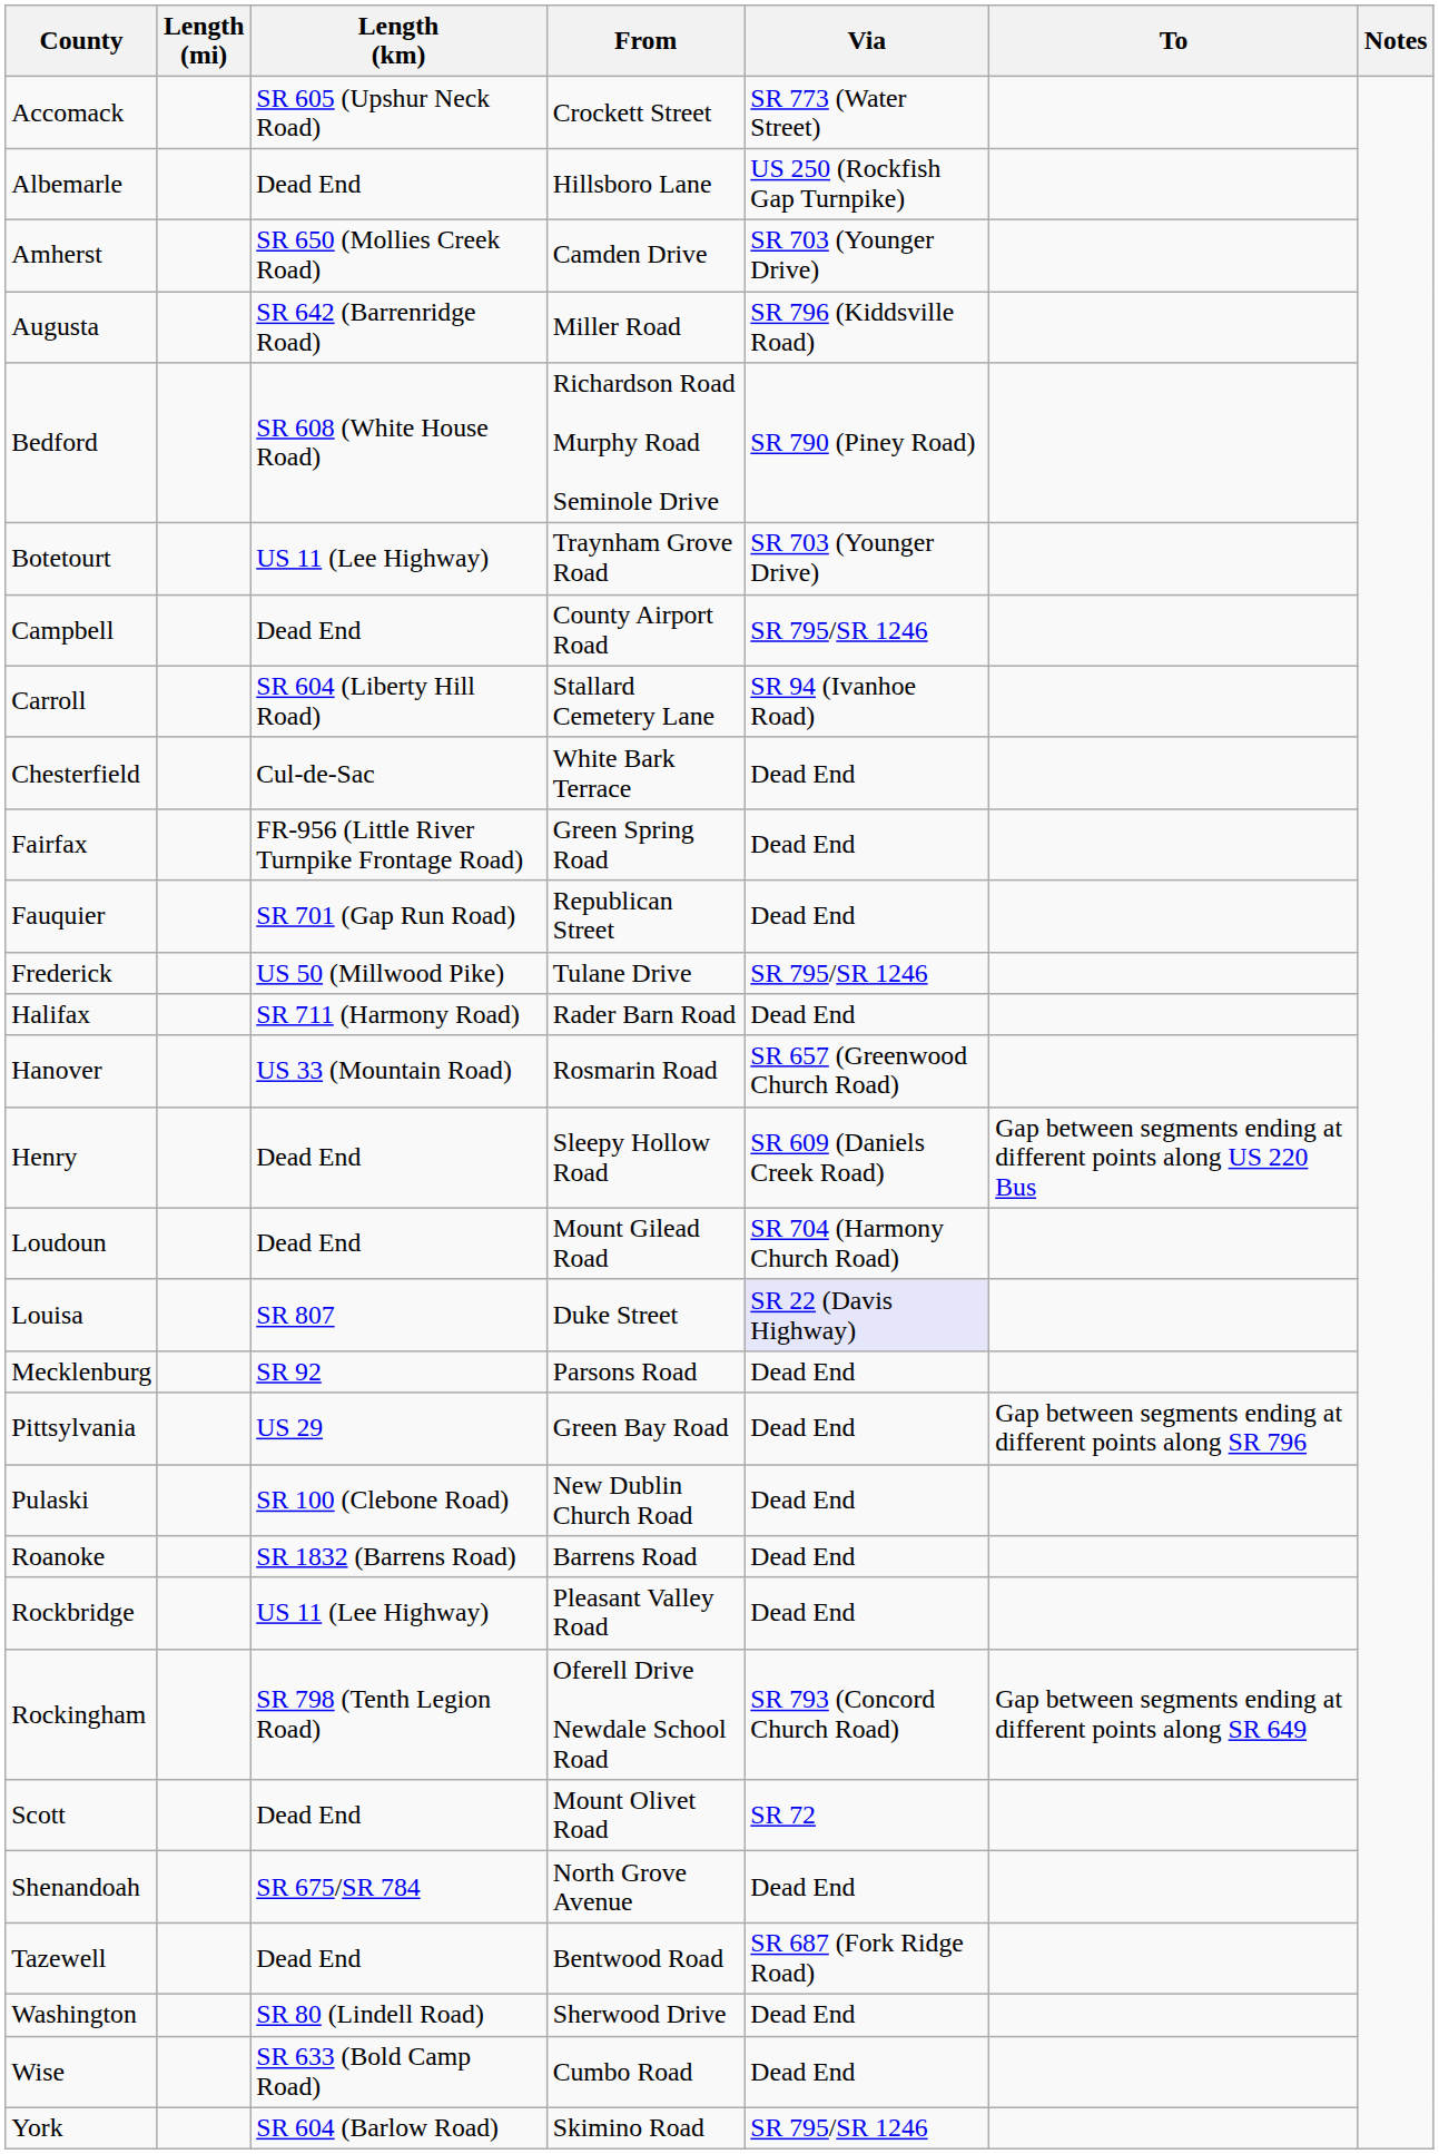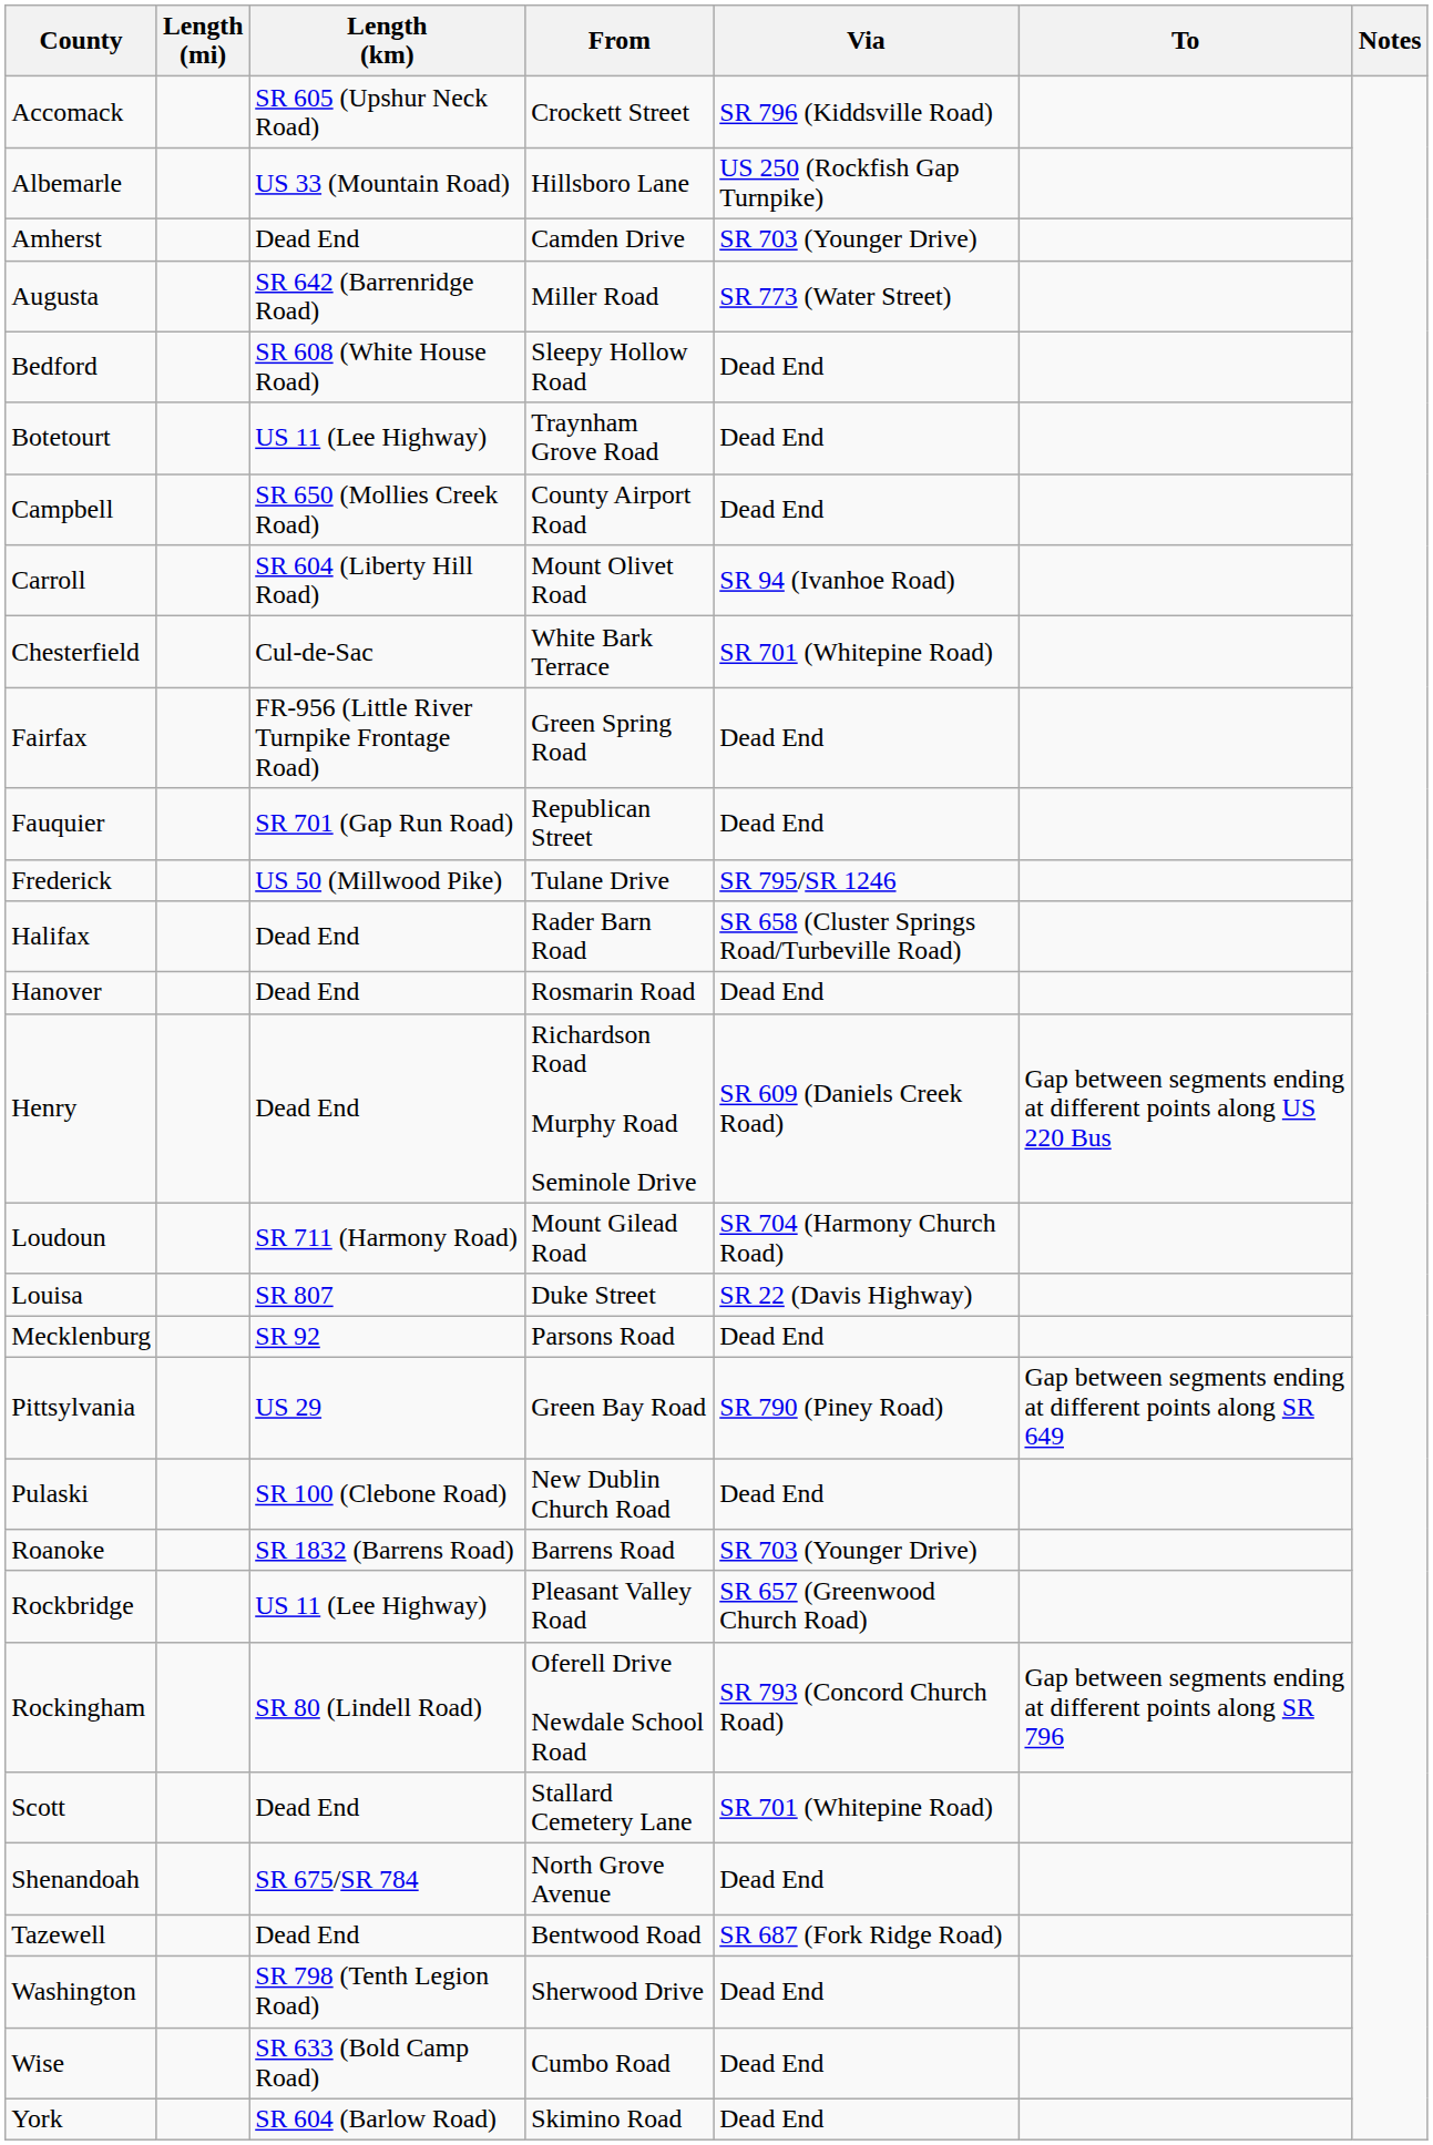 <table class="wikitable sortable">
 <tr>
 <th>County</th>
 <th>Length<br>(mi)</th>
 <th>Length<br>(km)</th>
 <th class="unsortable">From</th>
 <th class="unsortable">Via</th>
 <th class="unsortable">To</th>
 <th class="unsortable">Notes</th>
 </tr>
 <tr>
 <td id="Accomack">Accomack</td>
 <td></td>
 <td><a href='#'>SR 605</a> (Upshur Neck Road)</td>
 <td>Crockett Street</td>
-<td><a href='#'>SR 773</a> (Water Street)</td>
+<td><a href='#'>SR 796</a> (Kiddsville Road)</td>
 <td></td>
 </tr>
 <tr>
 <td id="Albemarle">Albemarle</td>
 <td></td>
-<td>Dead End</td>
+<td><a href='#'>US 33</a> (Mountain Road)</td>
 <td>Hillsboro Lane</td>
 <td><a href='#'>US 250</a> (Rockfish Gap Turnpike)</td>
 <td><br> </td>
 </tr>
 <tr>
 <td id="Amherst">Amherst</td>
 <td></td>
-<td><a href='#'>SR 650</a> (Mollies Creek Road)</td>
+<td>Dead End</td>
 <td>Camden Drive</td>
 <td><a href='#'>SR 703</a> (Younger Drive)</td>
 <td><br> </td>
 </tr>
 <tr>
 <td id="Augusta">Augusta</td>
 <td></td>
 <td><a href='#'>SR 642</a> (Barrenridge Road)</td>
 <td>Miller Road</td>
-<td><a href='#'>SR 796</a> (Kiddsville Road)</td>
+<td><a href='#'>SR 773</a> (Water Street)</td>
 <td><br></td>
 </tr>
 <tr>
 <td id="Bedford">Bedford</td>
 <td></td>
 <td><a href='#'>SR 608</a> (White House Road)</td>
-<td>Richardson Road<br><br>Murphy Road<br><br>Seminole Drive</td>
-<td><a href='#'>SR 790</a> (Piney Road)</td>
+<td>Sleepy Hollow Road</td>
+<td>Dead End</td>
 <td><br></td>
 </tr>
 <tr>
 <td id="Botetourt">Botetourt</td>
 <td></td>
 <td><a href='#'>US 11</a> (Lee Highway)</td>
 <td>Traynham Grove Road</td>
-<td><a href='#'>SR 703</a> (Younger Drive)</td>
+<td>Dead End</td>
 <td><br>  </td>
 </tr>
 <tr>
 <td id="Campbell">Campbell</td>
 <td></td>
+<td><a href='#'>SR 650</a> (Mollies Creek Road)</td>
+<td>County Airport Road</td>
 <td>Dead End</td>
-<td>County Airport Road</td>
-<td><a href='#'>SR 795</a>/<a href='#'>SR 1246</a></td>
 <td><br></td>
 </tr>
 <tr>
 <td id="Carroll">Carroll</td>
 <td></td>
 <td><a href='#'>SR 604</a> (Liberty Hill Road)</td>
-<td>Stallard Cemetery Lane</td>
+<td>Mount Olivet Road</td>
 <td><a href='#'>SR 94</a> (Ivanhoe Road)</td>
 <td><br> </td>
 </tr>
 <tr>
 <td id="Chesterfield">Chesterfield</td>
 <td></td>
 <td>Cul-de-Sac</td>
 <td>White Bark Terrace</td>
-<td>Dead End</td>
+<td><a href='#'>SR 701</a> (Whitepine Road)</td>
 <td><br>      </td>
 </tr>
 <tr>
 <td id="Fairfax">Fairfax</td>
 <td></td>
 <td>FR-956 (Little River Turnpike Frontage Road)</td>
 <td>Green Spring Road</td>
 <td>Dead End</td>
 <td></td>
 </tr>
 <tr>
 <td id="Fauquier">Fauquier</td>
 <td></td>
 <td><a href='#'>SR 701</a> (Gap Run Road)</td>
 <td>Republican Street</td>
 <td>Dead End</td>
 <td><br>  </td>
 </tr>
 <tr>
 <td id="Frederick">Frederick</td>
 <td></td>
 <td><a href='#'>US 50</a> (Millwood Pike)</td>
 <td>Tulane Drive</td>
 <td><a href='#'>SR 795</a>/<a href='#'>SR 1246</a></td>
 <td><br>     </td>
 </tr>
 <tr>
 <td id="Halifax">Halifax</td>
 <td></td>
-<td><a href='#'>SR 711</a> (Harmony Road)</td>
+<td>Dead End</td>
 <td>Rader Barn Road</td>
-<td>Dead End</td>
+<td><a href='#'>SR 658</a> (Cluster Springs Road/Turbeville Road)</td>
 <td></td>
 </tr>
 <tr>
 <td id="Hanover">Hanover</td>
 <td></td>
-<td><a href='#'>US 33</a> (Mountain Road)</td>
+<td>Dead End</td>
 <td>Rosmarin Road</td>
-<td><a href='#'>SR 657</a> (Greenwood Church Road)</td>
+<td>Dead End</td>
 <td><br></td>
 </tr>
 <tr>
 <td id="Henry">Henry</td>
 <td></td>
 <td>Dead End</td>
-<td>Sleepy Hollow Road</td>
+<td>Richardson Road<br><br>Murphy Road<br><br>Seminole Drive</td>
 <td><a href='#'>SR 609</a> (Daniels Creek Road)</td>
 <td>Gap between segments ending at different points along <a href='#'>US 220 Bus</a><br>       </td>
 </tr>
 <tr>
 <td id="Loudoun">Loudoun</td>
 <td></td>
-<td>Dead End</td>
+<td><a href='#'>SR 711</a> (Harmony Road)</td>
 <td>Mount Gilead Road</td>
 <td><a href='#'>SR 704</a> (Harmony Church Road)</td>
 <td></td>
 </tr>
 <tr>
 <td id="Louisa">Louisa</td>
 <td></td>
 <td><a href='#'>SR 807</a></td>
 <td>Duke Street</td>
-<td style="background: lavender;"><a href='#'>SR 22</a> (Davis Highway)</td>
+<td><a href='#'>SR 22</a> (Davis Highway)</td>
 <td><br>  </td>
 </tr>
 <tr>
 <td id="Mecklenburg">Mecklenburg</td>
 <td></td>
 <td><a href='#'>SR 92</a></td>
 <td>Parsons Road</td>
 <td>Dead End</td>
 <td><br>         </td>
 </tr>
 <tr>
 <td id="Pittsylvania">Pittsylvania</td>
 <td></td>
 <td><a href='#'>US 29</a></td>
 <td>Green Bay Road</td>
-<td>Dead End</td>
-<td>Gap between segments ending at different points along <a href='#'>SR 796</a><br></td>
+<td><a href='#'>SR 790</a> (Piney Road)</td>
+<td>Gap between segments ending at different points along <a href='#'>SR 649</a><br>   </td>
 </tr>
 <tr>
 <td id="Pulaski">Pulaski</td>
 <td></td>
 <td><a href='#'>SR 100</a> (Clebone Road)</td>
 <td>New Dublin Church Road</td>
 <td>Dead End</td>
 <td><br> </td>
 </tr>
 <tr>
 <td id="Roanoke">Roanoke</td>
 <td></td>
 <td><a href='#'>SR 1832</a> (Barrens Road)</td>
 <td>Barrens Road</td>
-<td>Dead End</td>
+<td><a href='#'>SR 703</a> (Younger Drive)</td>
 <td></td>
 </tr>
 <tr>
 <td id="Rockbridge">Rockbridge</td>
 <td></td>
 <td><a href='#'>US 11</a> (Lee Highway)</td>
 <td>Pleasant Valley Road</td>
-<td>Dead End</td>
+<td><a href='#'>SR 657</a> (Greenwood Church Road)</td>
 <td></td>
 </tr>
 <tr>
 <td id="Rockingham">Rockingham</td>
 <td></td>
-<td><a href='#'>SR 798</a> (Tenth Legion Road)</td>
+<td><a href='#'>SR 80</a> (Lindell Road)</td>
 <td>Oferell Drive<br><br>Newdale School Road</td>
 <td><a href='#'>SR 793</a> (Concord Church Road)</td>
-<td>Gap between segments ending at different points along <a href='#'>SR 649</a><br>   </td>
+<td>Gap between segments ending at different points along <a href='#'>SR 796</a><br></td>
 </tr>
 <tr>
 <td id="Scott">Scott</td>
 <td></td>
 <td>Dead End</td>
-<td>Mount Olivet Road</td>
-<td><a href='#'>SR 72</a></td>
+<td>Stallard Cemetery Lane</td>
+<td><a href='#'>SR 701</a> (Whitepine Road)</td>
 <td></td>
 </tr>
 <tr>
 <td id="Shenandoah">Shenandoah</td>
 <td></td>
 <td><a href='#'>SR 675</a>/<a href='#'>SR 784</a></td>
 <td>North Grove Avenue</td>
 <td>Dead End</td>
 <td><br>     </td>
 </tr>
 <tr>
 <td id="Tazewell">Tazewell</td>
 <td></td>
 <td>Dead End</td>
 <td>Bentwood Road</td>
 <td><a href='#'>SR 687</a> (Fork Ridge Road)</td>
 <td><br></td>
 </tr>
 <tr>
 <td id="Washington">Washington</td>
 <td></td>
-<td><a href='#'>SR 80</a> (Lindell Road)</td>
+<td><a href='#'>SR 798</a> (Tenth Legion Road)</td>
 <td>Sherwood Drive</td>
 <td>Dead End</td>
 <td><br></td>
 </tr>
 <tr>
 <td id="Wise">Wise</td>
 <td></td>
 <td><a href='#'>SR 633</a> (Bold Camp Road)</td>
 <td>Cumbo Road</td>
 <td>Dead End</td>
 <td><br></td>
 </tr>
 <tr>
 <td id="York">York</td>
 <td></td>
 <td><a href='#'>SR 604</a> (Barlow Road)</td>
 <td>Skimino Road</td>
-<td><a href='#'>SR 795</a>/<a href='#'>SR 1246</a></td>
+<td>Dead End</td>
 <td></td>
 </tr>
 </table>
